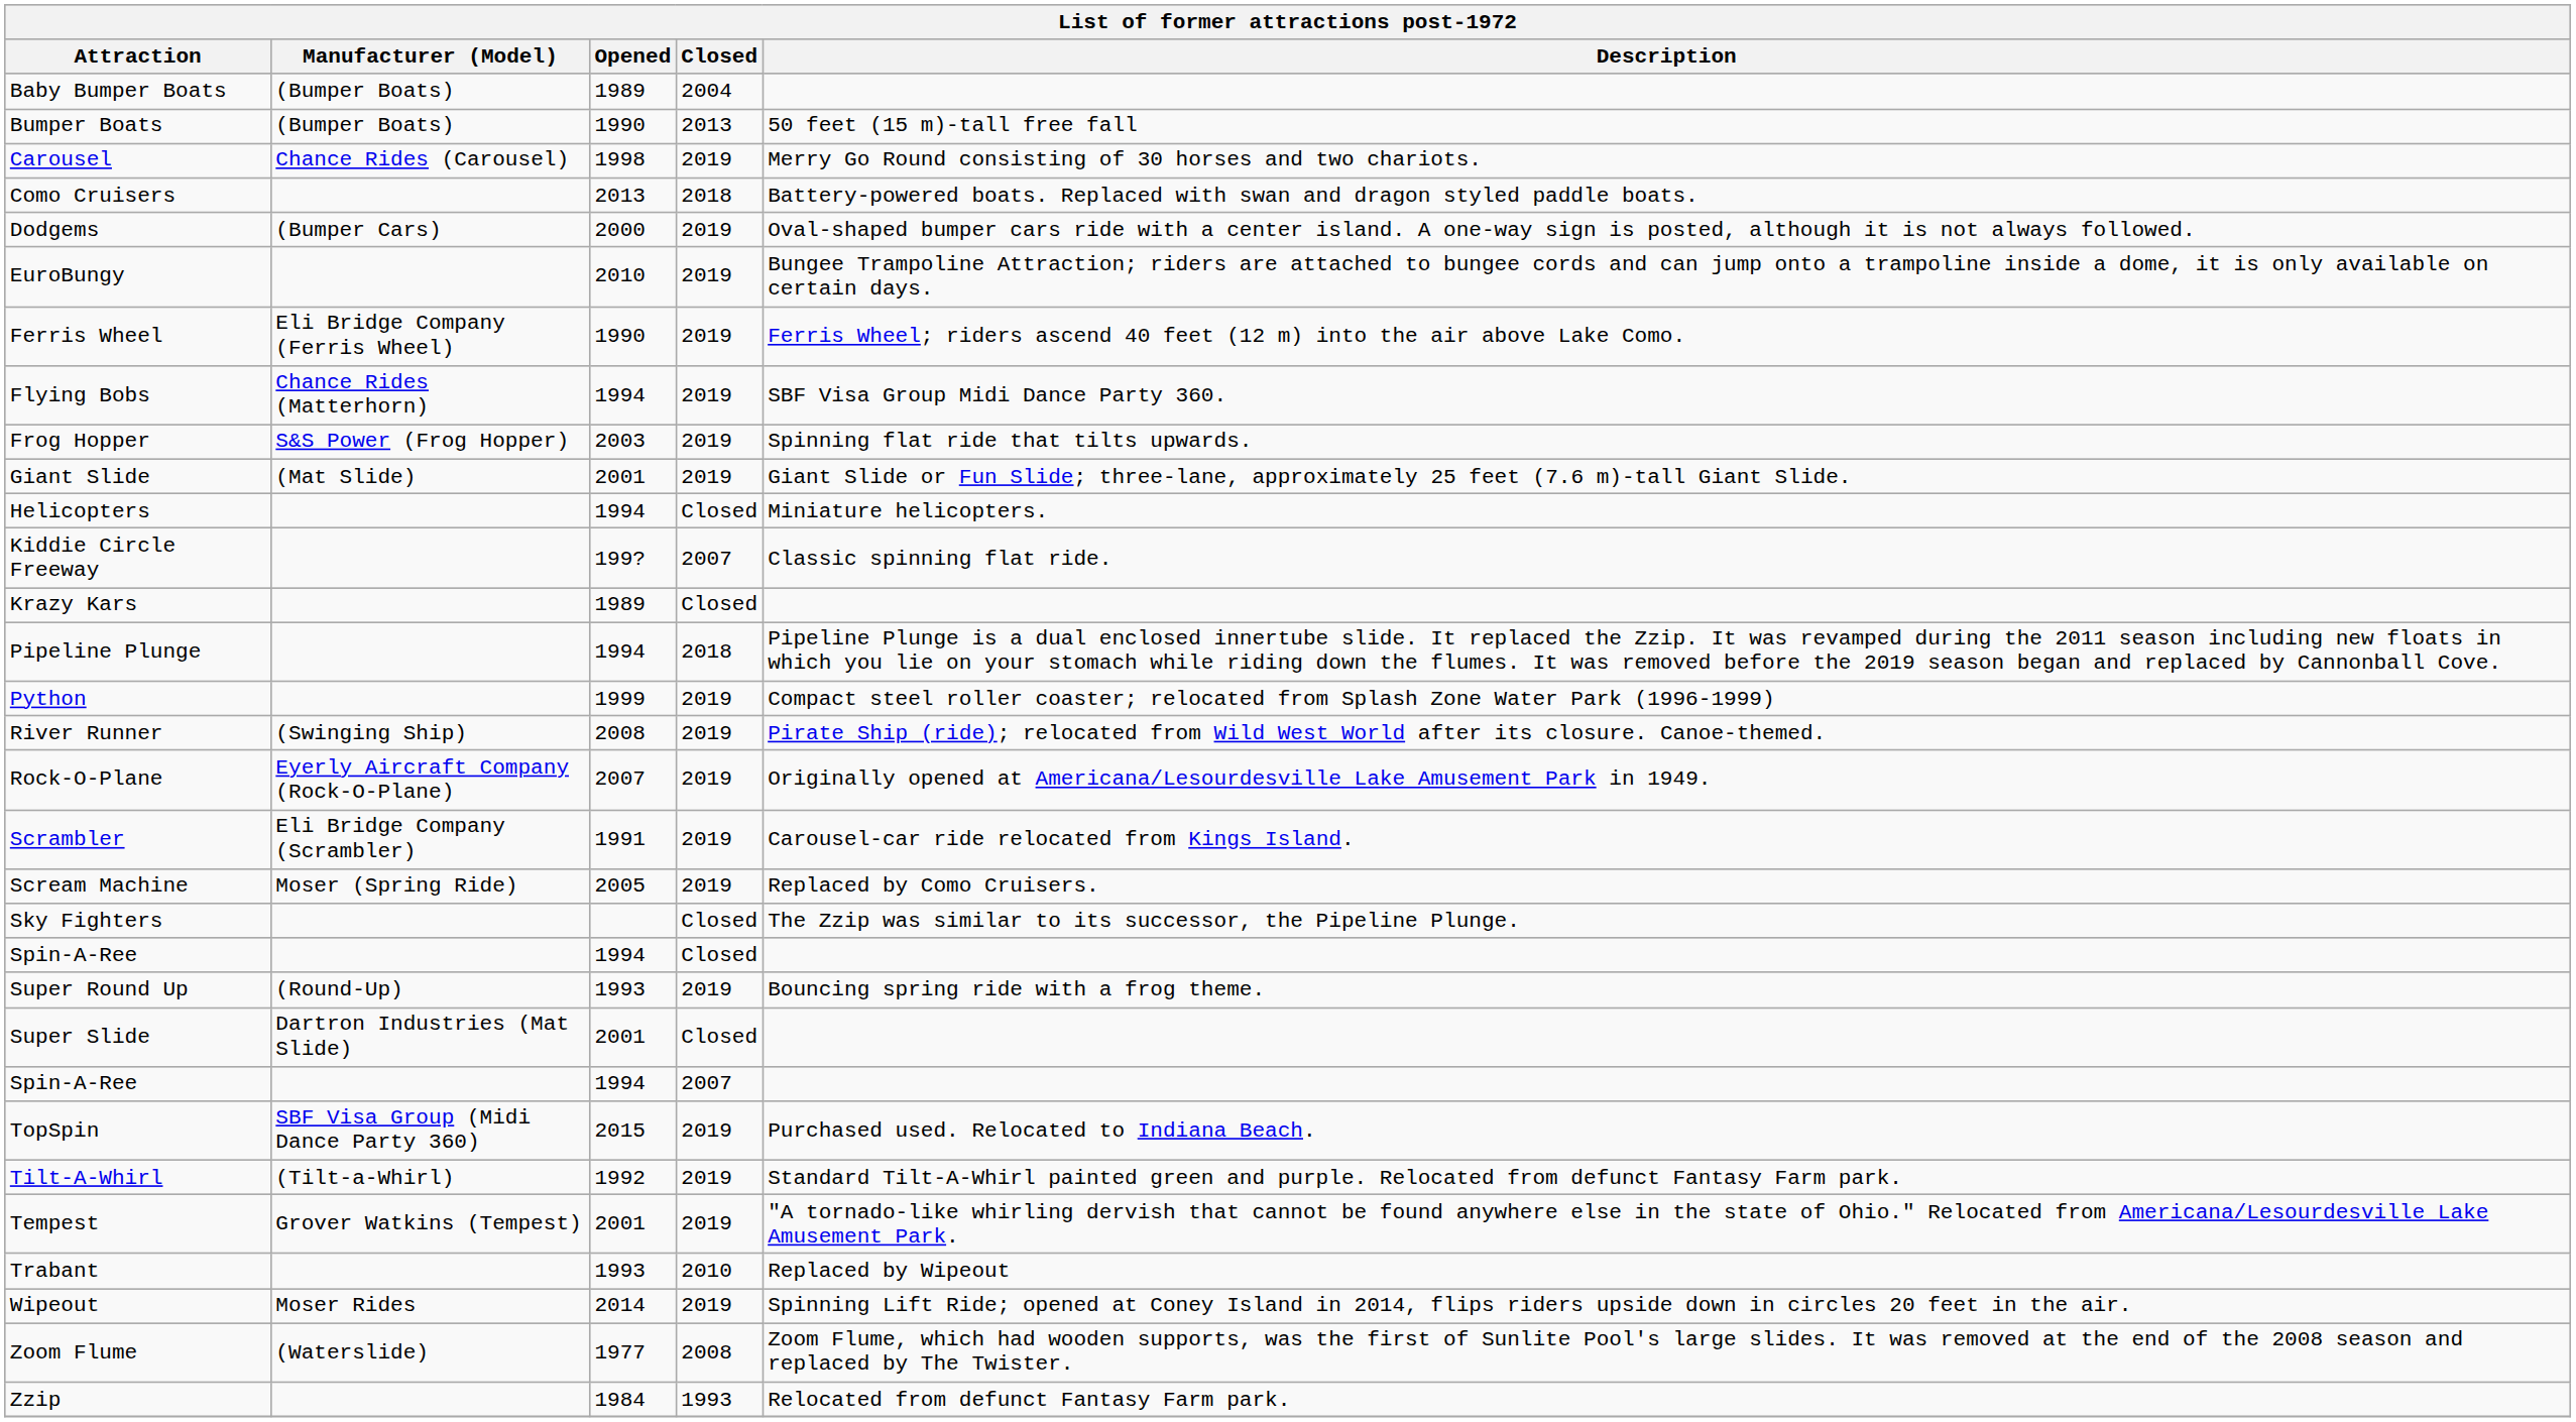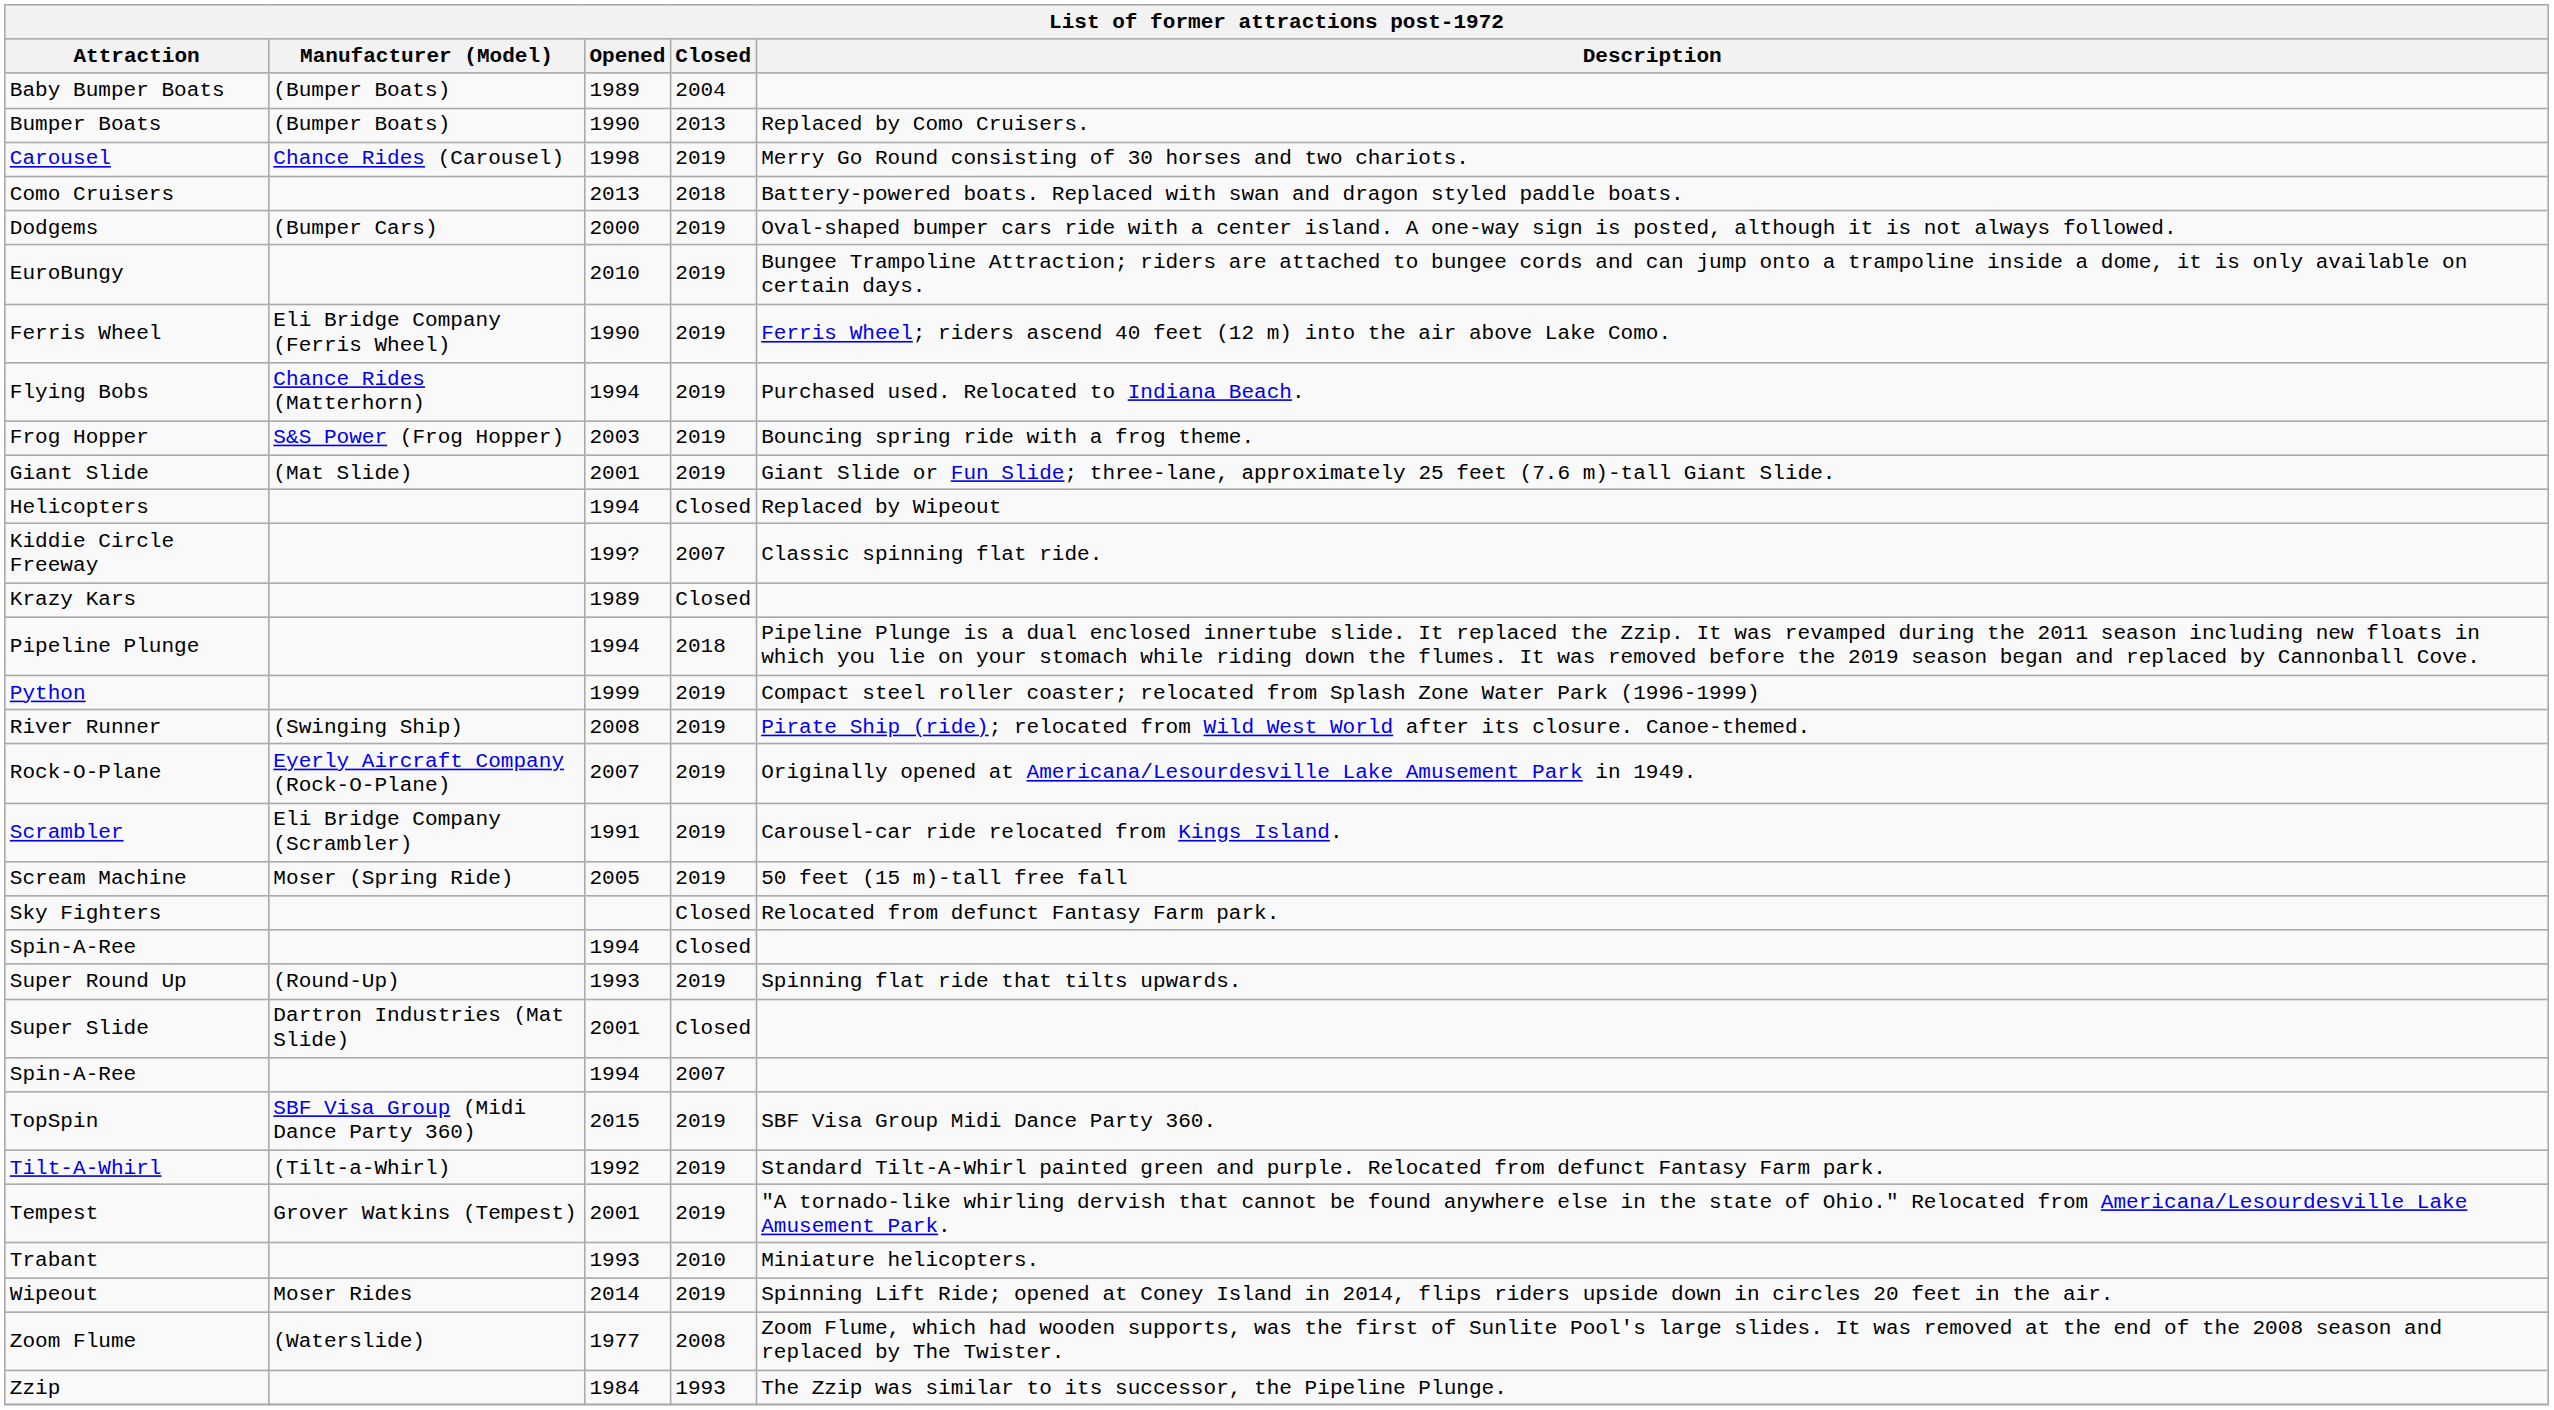 <table class="wikitable sortable mw-collapsible mw-collapsed">
 <tr>
 <th colspan="6">List of former attractions post-1972</th>
 </tr>
 <tr>
 <th scope="col" style="min-width: 150px">Attraction</th>
 <th>Manufacturer (Model)</th>
 <th>Opened</th>
 <th>Closed</th>
 <th>Description</th>
 </tr>
 <tr>
 <td>Baby Bumper Boats</td>
 <td>(Bumper Boats)</td>
 <td>1989</td>
 <td>2004</td>
 <td></td>
 </tr>
 <tr>
 <td>Bumper Boats</td>
 <td>(Bumper Boats)</td>
 <td>1990</td>
 <td>2013</td>
-<td>50 feet (15 m)-tall free fall</td>
+<td>Replaced by Como Cruisers.</td>
 </tr>
 <tr>
 <td><a href='#'>Carousel</a></td>
 <td><a href='#'>Chance Rides</a> (Carousel)</td>
 <td>1998</td>
 <td>2019</td>
 <td>Merry Go Round consisting of 30 horses and two chariots.</td>
 </tr>
 <tr>
 <td>Como Cruisers</td>
 <td></td>
 <td>2013</td>
 <td>2018</td>
 <td>Battery-powered boats. Replaced with swan and dragon styled paddle boats.</td>
 </tr>
 <tr>
 <td>Dodgems</td>
 <td>(Bumper Cars)</td>
 <td>2000</td>
 <td>2019</td>
 <td>Oval-shaped bumper cars ride with a center island. A one-way sign is posted, although it is not always followed.</td>
 </tr>
 <tr>
 <td>EuroBungy</td>
 <td></td>
 <td>2010</td>
 <td>2019</td>
 <td>Bungee Trampoline Attraction; riders are attached to bungee cords and can jump onto a trampoline inside a dome, it is only available on certain days.</td>
 </tr>
 <tr>
 <td>Ferris Wheel</td>
 <td>Eli Bridge Company (Ferris Wheel)</td>
 <td>1990</td>
 <td>2019</td>
 <td><a href='#'>Ferris Wheel</a>; riders ascend 40 feet (12 m) into the air above Lake Como.</td>
 </tr>
 <tr>
 <td>Flying Bobs</td>
 <td><a href='#'>Chance Rides</a> (Matterhorn)</td>
 <td>1994</td>
 <td>2019</td>
-<td>SBF Visa Group Midi Dance Party 360.</td>
+<td>Purchased used. Relocated to <a href='#'>Indiana Beach</a>.</td>
 </tr>
 <tr>
 <td>Frog Hopper</td>
 <td><a href='#'>S&S Power</a> (Frog Hopper)</td>
 <td>2003</td>
 <td>2019</td>
-<td>Spinning flat ride that tilts upwards.</td>
+<td>Bouncing spring ride with a frog theme.</td>
 </tr>
 <tr>
 <td>Giant Slide</td>
 <td>(Mat Slide)</td>
 <td>2001</td>
 <td>2019</td>
 <td>Giant Slide or <a href='#'>Fun Slide</a>; three-lane, approximately 25 feet (7.6 m)-tall Giant Slide.</td>
 </tr>
 <tr>
 <td>Helicopters</td>
 <td></td>
 <td>1994</td>
 <td>Closed</td>
-<td>Miniature helicopters.</td>
+<td>Replaced by Wipeout</td>
 </tr>
 <tr>
 <td>Kiddie Circle Freeway</td>
 <td></td>
 <td>199?</td>
 <td>2007</td>
 <td>Classic spinning flat ride.</td>
 </tr>
 <tr>
 <td>Krazy Kars</td>
 <td></td>
 <td>1989</td>
 <td>Closed</td>
 <td></td>
 </tr>
 <tr>
 <td>Pipeline Plunge</td>
 <td></td>
 <td>1994</td>
 <td>2018</td>
 <td>Pipeline Plunge is a dual enclosed innertube slide. It replaced the Zzip. It was revamped during the 2011 season including new floats in which you lie on your stomach while riding down the flumes. It was removed before the 2019 season began and replaced by Cannonball Cove.</td>
 </tr>
 <tr>
 <td><a href='#'>Python</a></td>
 <td></td>
 <td>1999</td>
 <td>2019</td>
 <td>Compact steel roller coaster; relocated from Splash Zone Water Park (1996-1999)</td>
 </tr>
 <tr>
 <td>River Runner</td>
 <td>(Swinging Ship)</td>
 <td>2008</td>
 <td>2019</td>
 <td><a href='#'>Pirate Ship (ride)</a>; relocated from <a href='#'>Wild West World</a> after its closure. Canoe-themed.</td>
 </tr>
 <tr>
 <td>Rock-O-Plane</td>
 <td><a href='#'>Eyerly Aircraft Company</a> (Rock-O-Plane)</td>
 <td>2007</td>
 <td>2019</td>
 <td>Originally opened at <a href='#'>Americana/Lesourdesville Lake Amusement Park</a> in 1949.</td>
 </tr>
 <tr>
 <td><a href='#'>Scrambler</a></td>
 <td>Eli Bridge Company (Scrambler)</td>
 <td>1991</td>
 <td>2019</td>
 <td>Carousel-car ride relocated from <a href='#'>Kings Island</a>.</td>
 </tr>
 <tr>
 <td>Scream Machine</td>
 <td>Moser (Spring Ride)</td>
 <td>2005</td>
 <td>2019</td>
-<td>Replaced by Como Cruisers.</td>
+<td>50 feet (15 m)-tall free fall</td>
 </tr>
 <tr>
 <td>Sky Fighters</td>
 <td></td>
 <td></td>
 <td>Closed</td>
-<td>The Zzip was similar to its successor, the Pipeline Plunge.</td>
+<td>Relocated from defunct Fantasy Farm park.</td>
 </tr>
 <tr>
 <td>Spin-A-Ree</td>
 <td></td>
 <td>1994</td>
 <td>Closed</td>
 <td></td>
 </tr>
 <tr>
 <td>Super Round Up</td>
 <td>(Round-Up)</td>
 <td>1993</td>
 <td>2019</td>
-<td>Bouncing spring ride with a frog theme.</td>
+<td>Spinning flat ride that tilts upwards.</td>
 </tr>
 <tr>
 <td>Super Slide</td>
 <td>Dartron Industries (Mat Slide)</td>
 <td>2001</td>
 <td>Closed</td>
 <td></td>
 </tr>
 <tr>
 <td>Spin-A-Ree</td>
 <td></td>
 <td>1994</td>
 <td>2007</td>
 <td></td>
 </tr>
 <tr>
 <td>TopSpin</td>
 <td><a href='#'>SBF Visa Group</a> (Midi Dance Party 360)</td>
 <td>2015</td>
 <td>2019</td>
-<td>Purchased used. Relocated to <a href='#'>Indiana Beach</a>.</td>
+<td>SBF Visa Group Midi Dance Party 360.</td>
 </tr>
 <tr>
 <td><a href='#'>Tilt-A-Whirl</a></td>
 <td>(Tilt-a-Whirl)</td>
 <td>1992</td>
 <td>2019</td>
 <td>Standard Tilt-A-Whirl painted green and purple. Relocated from defunct Fantasy Farm park.</td>
 </tr>
 <tr>
 <td>Tempest</td>
 <td>Grover Watkins (Tempest)</td>
 <td>2001</td>
 <td>2019</td>
 <td>"A tornado-like whirling dervish that cannot be found anywhere else in the state of Ohio." Relocated from <a href='#'>Americana/Lesourdesville Lake Amusement Park</a>.</td>
 </tr>
 <tr>
 <td>Trabant</td>
 <td></td>
 <td>1993</td>
 <td>2010</td>
-<td>Replaced by Wipeout</td>
+<td>Miniature helicopters.</td>
 </tr>
 <tr>
 <td>Wipeout</td>
 <td>Moser Rides</td>
 <td>2014</td>
 <td>2019</td>
 <td>Spinning Lift Ride; opened at Coney Island in 2014, flips riders upside down in circles 20 feet in the air.</td>
 </tr>
 <tr>
 <td>Zoom Flume</td>
 <td>(Waterslide)</td>
 <td>1977</td>
 <td>2008</td>
 <td>Zoom Flume, which had wooden supports, was the first of Sunlite Pool's large slides. It was removed at the end of the 2008 season and replaced by The Twister.</td>
 </tr>
 <tr>
 <td>Zzip</td>
 <td></td>
 <td>1984</td>
 <td>1993</td>
-<td>Relocated from defunct Fantasy Farm park.</td>
+<td>The Zzip was similar to its successor, the Pipeline Plunge.</td>
 </tr>
 <tr>
 </tr>
 </table>
